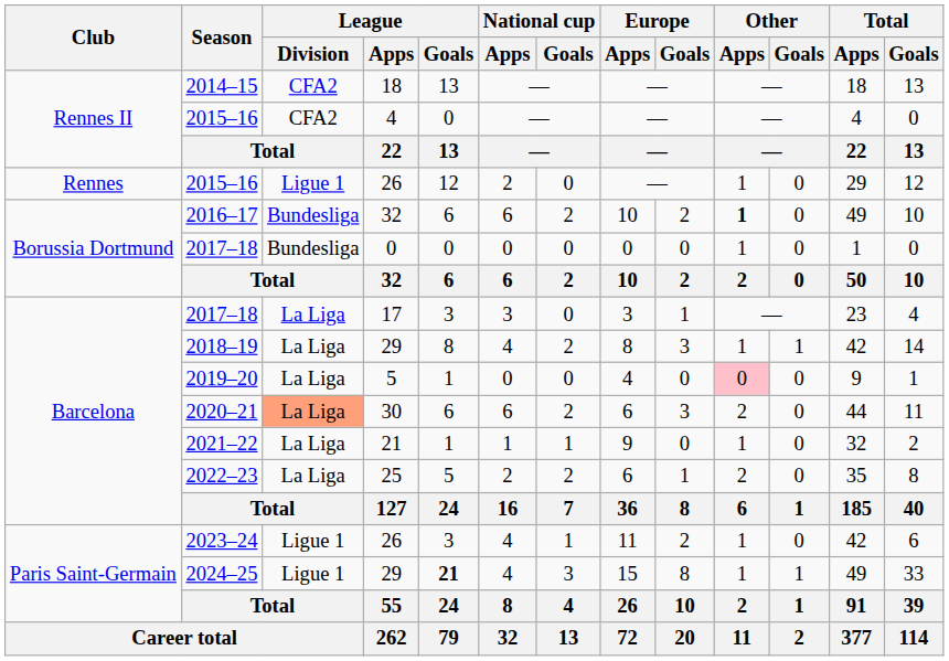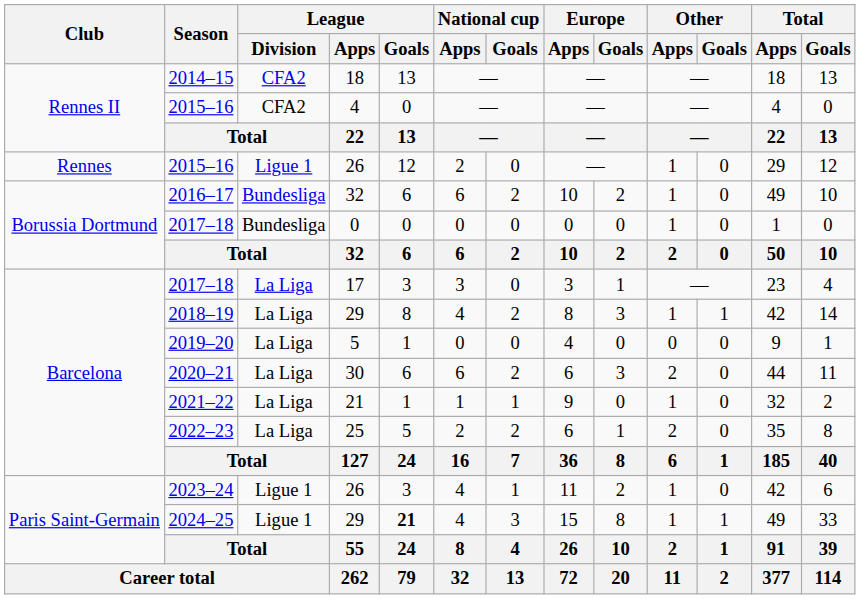 <table class="wikitable" style="text-align: center;">
 <tr>
 <th rowspan="2">Club</th>
 <th rowspan="2">Season</th>
 <th colspan="3">League</th>
 <th colspan="2">National cup</th>
 <th colspan="2">Europe</th>
 <th colspan="2">Other</th>
 <th colspan="2">Total</th>
 </tr>
 <tr>
 <th>Division</th>
 <th>Apps</th>
 <th>Goals</th>
 <th>Apps</th>
 <th>Goals</th>
 <th>Apps</th>
 <th>Goals</th>
 <th>Apps</th>
 <th>Goals</th>
 <th>Apps</th>
 <th>Goals</th>
 </tr>
 <tr>
 <td rowspan="3"><a href='#'>Rennes II</a></td>
 <td><a href='#'>2014–15</a></td>
 <td><a href='#'>CFA2</a></td>
 <td>18</td>
 <td>13</td>
 <td colspan="2">—</td>
 <td colspan="2">—</td>
 <td colspan="2">—</td>
 <td>18</td>
 <td>13</td>
 </tr>
 <tr>
 <td><a href='#'>2015–16</a></td>
 <td>CFA2</td>
 <td>4</td>
 <td>0</td>
 <td colspan="2">—</td>
 <td colspan="2">—</td>
 <td colspan="2">—</td>
 <td>4</td>
 <td>0</td>
 </tr>
 <tr>
 <th colspan="2">Total</th>
 <th>22</th>
 <th>13</th>
 <th colspan="2">—</th>
 <th colspan="2">—</th>
 <th colspan="2">—</th>
 <th>22</th>
 <th>13</th>
 </tr>
 <tr>
 <td><a href='#'>Rennes</a></td>
 <td><a href='#'>2015–16</a></td>
 <td><a href='#'>Ligue 1</a></td>
 <td>26</td>
 <td>12</td>
 <td>2</td>
 <td>0</td>
 <td colspan="2">—</td>
 <td>1</td>
 <td>0</td>
 <td>29</td>
 <td>12</td>
 </tr>
 <tr>
 <td rowspan="3"><a href='#'>Borussia Dortmund</a></td>
 <td><a href='#'>2016–17</a></td>
 <td><a href='#'>Bundesliga</a></td>
 <td>32</td>
 <td>6</td>
 <td>6</td>
 <td>2</td>
 <td>10</td>
 <td>2</td>
-<td><strong>1</strong></td>
+<td>1</td>
 <td>0</td>
 <td>49</td>
 <td>10</td>
 </tr>
 <tr>
 <td><a href='#'>2017–18</a></td>
 <td>Bundesliga</td>
 <td>0</td>
 <td>0</td>
 <td>0</td>
 <td>0</td>
 <td>0</td>
 <td>0</td>
 <td>1</td>
 <td>0</td>
 <td>1</td>
 <td>0</td>
 </tr>
 <tr>
 <th colspan="2">Total</th>
 <th>32</th>
 <th>6</th>
 <th>6</th>
 <th>2</th>
 <th>10</th>
 <th>2</th>
 <th>2</th>
 <th>0</th>
 <th>50</th>
 <th>10</th>
 </tr>
 <tr>
 <td rowspan="7"><a href='#'>Barcelona</a></td>
 <td><a href='#'>2017–18</a></td>
 <td><a href='#'>La Liga</a></td>
 <td>17</td>
 <td>3</td>
 <td>3</td>
 <td>0</td>
 <td>3</td>
 <td>1</td>
 <td colspan="2">—</td>
 <td>23</td>
 <td>4</td>
 </tr>
 <tr>
 <td><a href='#'>2018–19</a></td>
 <td>La Liga</td>
 <td>29</td>
 <td>8</td>
 <td>4</td>
 <td>2</td>
 <td>8</td>
 <td>3</td>
 <td>1</td>
 <td>1</td>
 <td>42</td>
 <td>14</td>
 </tr>
 <tr>
 <td><a href='#'>2019–20</a></td>
 <td>La Liga</td>
 <td>5</td>
 <td>1</td>
 <td>0</td>
 <td>0</td>
 <td>4</td>
 <td>0</td>
-<td style="background: pink;">0</td>
+<td>0</td>
 <td>0</td>
 <td>9</td>
 <td>1</td>
 </tr>
 <tr>
 <td><a href='#'>2020–21</a></td>
-<td style="background: lightsalmon;">La Liga</td>
+<td>La Liga</td>
 <td>30</td>
 <td>6</td>
 <td>6</td>
 <td>2</td>
 <td>6</td>
 <td>3</td>
 <td>2</td>
 <td>0</td>
 <td>44</td>
 <td>11</td>
 </tr>
 <tr>
 <td><a href='#'>2021–22</a></td>
 <td>La Liga</td>
 <td>21</td>
 <td>1</td>
 <td>1</td>
 <td>1</td>
 <td>9</td>
 <td>0</td>
 <td>1</td>
 <td>0</td>
 <td>32</td>
 <td>2</td>
 </tr>
 <tr>
 <td><a href='#'>2022–23</a></td>
 <td>La Liga</td>
 <td>25</td>
 <td>5</td>
 <td>2</td>
 <td>2</td>
 <td>6</td>
 <td>1</td>
 <td>2</td>
 <td>0</td>
 <td>35</td>
 <td>8</td>
 </tr>
 <tr>
 <th colspan="2">Total</th>
 <th>127</th>
 <th>24</th>
 <th>16</th>
 <th>7</th>
 <th>36</th>
 <th>8</th>
 <th>6</th>
 <th>1</th>
 <th>185</th>
 <th>40</th>
 </tr>
 <tr>
 <td rowspan="3"><a href='#'>Paris Saint-Germain</a></td>
 <td><a href='#'>2023–24</a></td>
 <td>Ligue 1</td>
 <td>26</td>
 <td>3</td>
 <td>4</td>
 <td>1</td>
 <td>11</td>
 <td>2</td>
 <td>1</td>
 <td>0</td>
 <td>42</td>
 <td>6</td>
 </tr>
 <tr>
 <td><a href='#'>2024–25</a></td>
 <td>Ligue 1</td>
 <td>29</td>
 <td><strong>21</strong></td>
 <td>4</td>
 <td>3</td>
 <td>15</td>
 <td>8</td>
 <td>1</td>
 <td>1</td>
 <td>49</td>
 <td>33</td>
 </tr>
 <tr>
 <th colspan="2">Total</th>
 <th>55</th>
 <th>24</th>
 <th>8</th>
 <th>4</th>
 <th>26</th>
 <th>10</th>
 <th>2</th>
 <th>1</th>
 <th>91</th>
 <th>39</th>
 </tr>
 <tr>
 <th colspan="3">Career total</th>
 <th>262</th>
 <th>79</th>
 <th>32</th>
 <th>13</th>
 <th>72</th>
 <th>20</th>
 <th>11</th>
 <th>2</th>
 <th>377</th>
 <th>114</th>
 </tr>
 </table>
